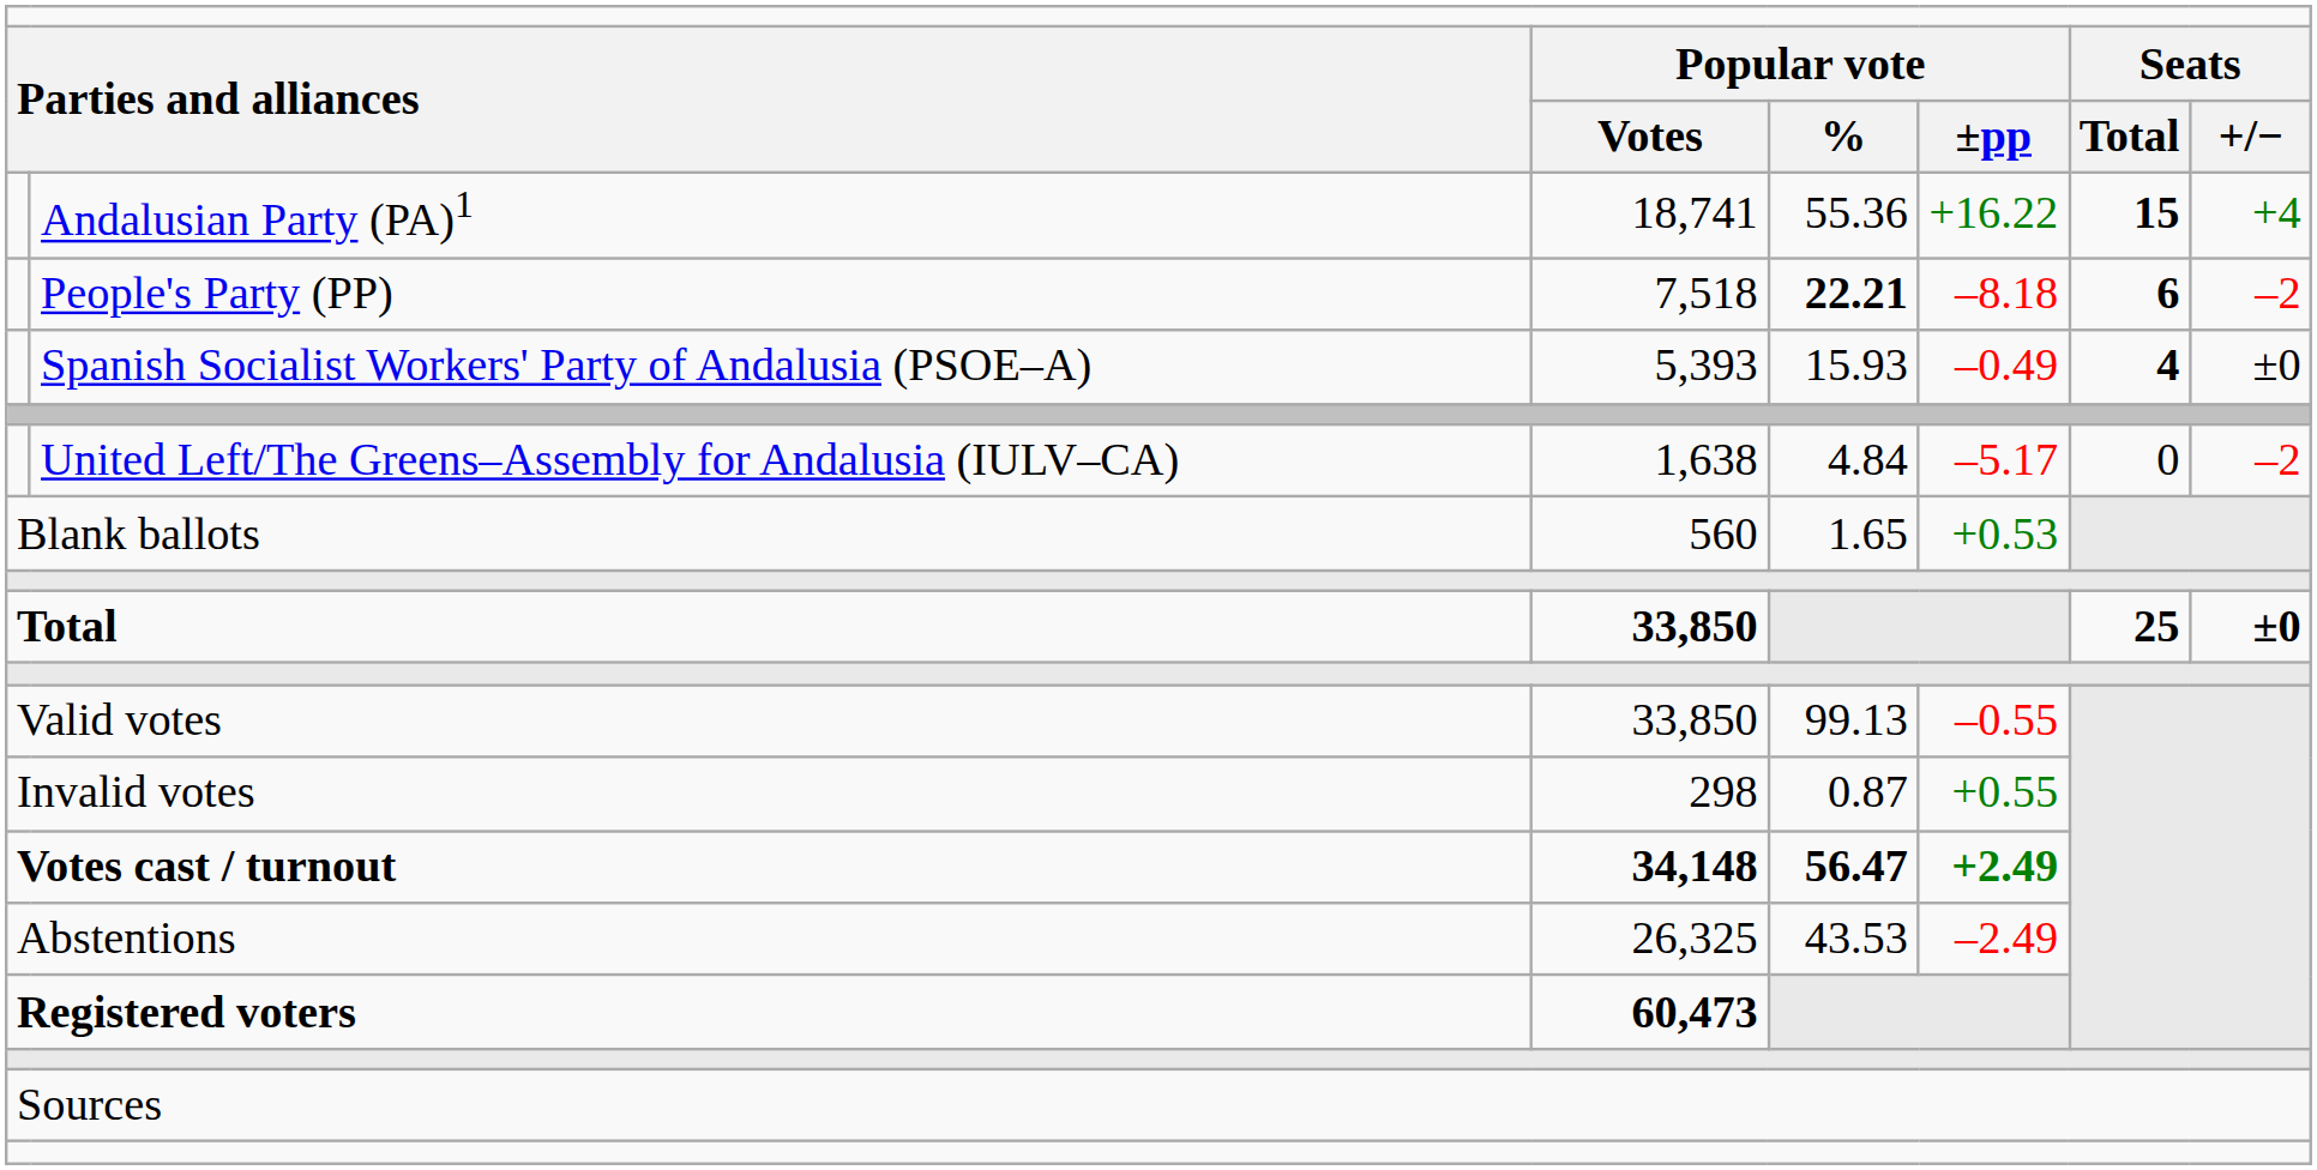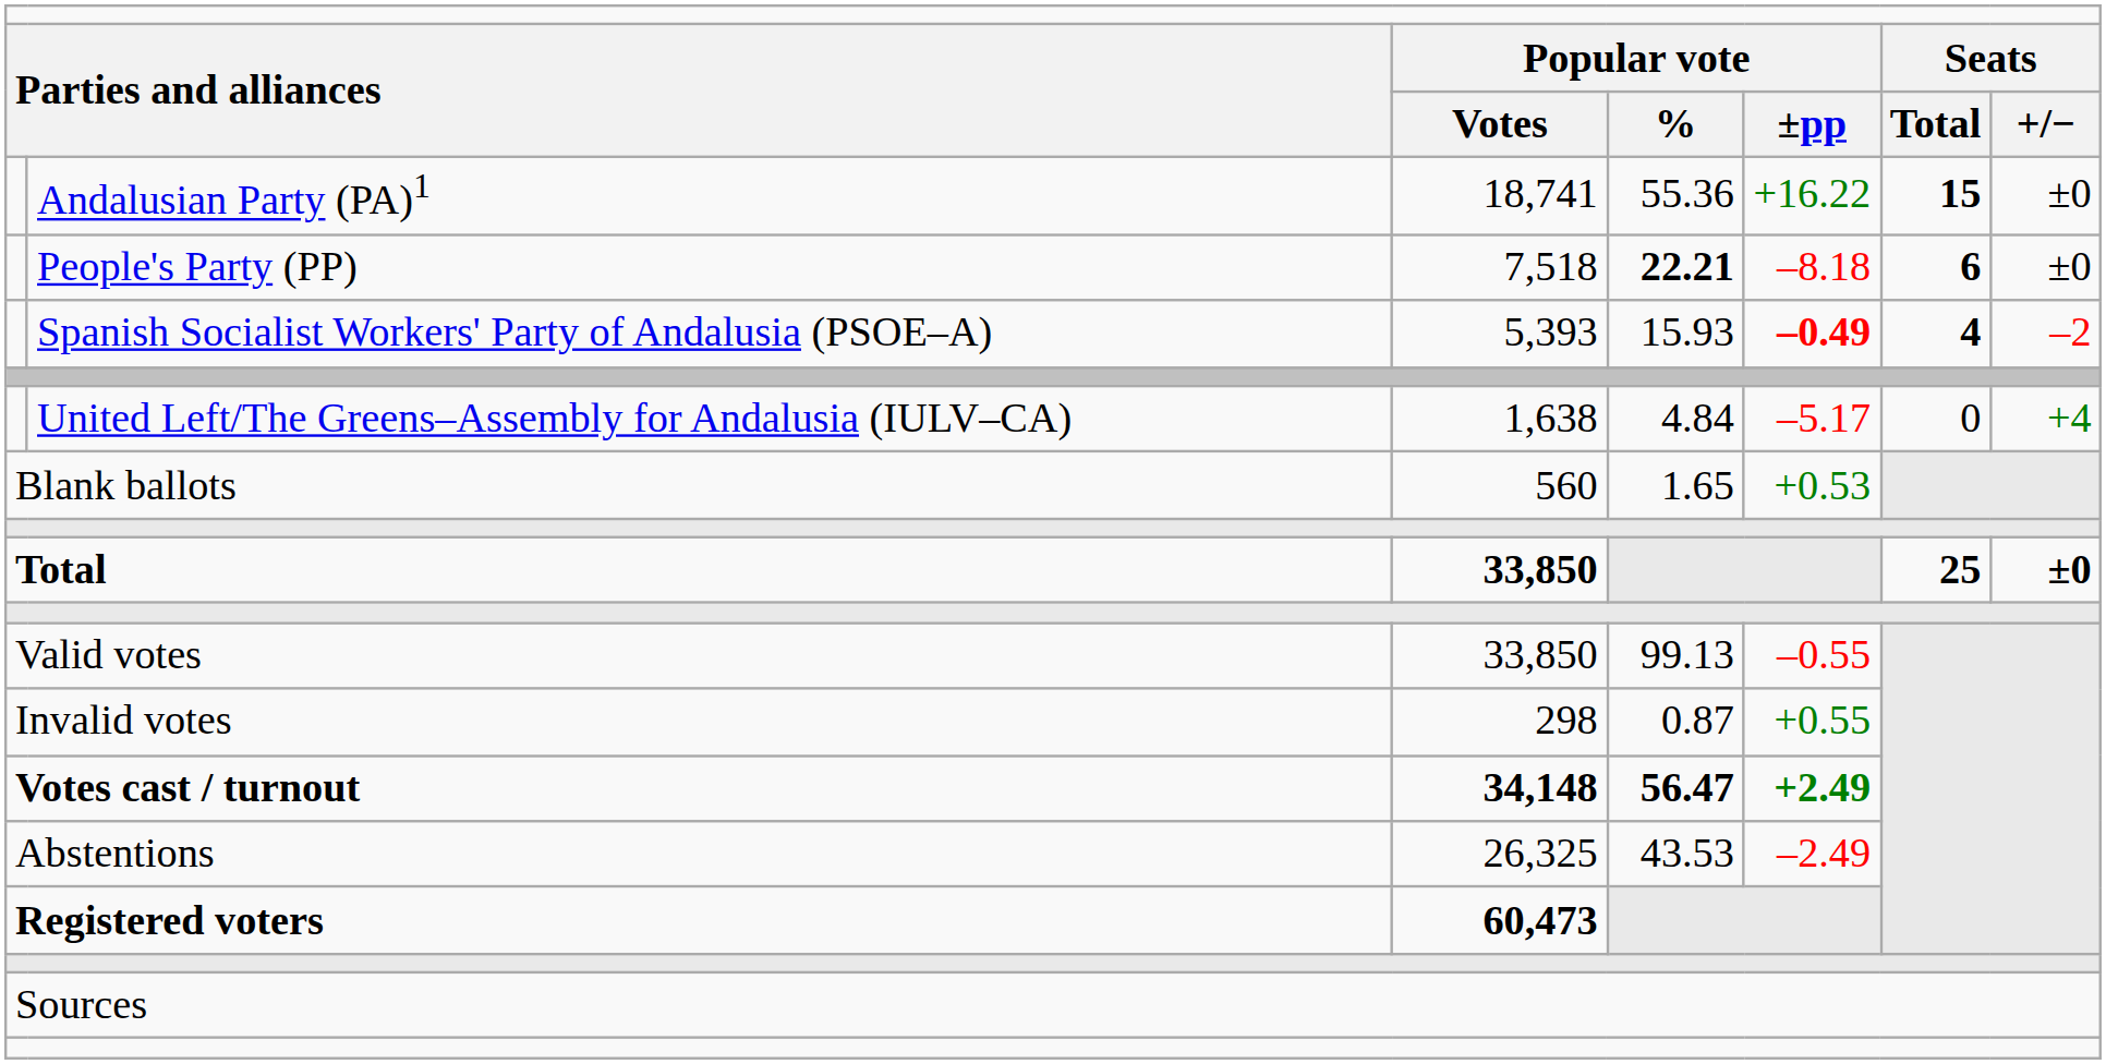 <table class="wikitable" style="text-align:right;">
 <tr>
 <td colspan="7"></td>
 </tr>
 <tr>
 <th style="text-align:left;" rowspan="2" colspan="2" width="525">Parties and alliances</th>
 <th colspan="3">Popular vote</th>
 <th colspan="2">Seats</th>
 </tr>
 <tr>
 <th width="75">Votes</th>
 <th width="45">%</th>
 <th width="45">±<a href='#'>pp</a></th>
 <th width="35">Total</th>
 <th width="35">+/−</th>
 </tr>
 <tr>
 <td width="1" style="color:inherit;background:"></td>
 <td align="left"><a href='#'>Andalusian Party</a> (PA)<sup>1</sup></td>
 <td>18,741</td>
 <td>55.36</td>
 <td style="color:green;">+16.22</td>
 <td><strong>15</strong></td>
-<td style="color:green;">+4</td>
+<td>±0</td>
 </tr>
 <tr>
 <td style="color:inherit;background:"></td>
 <td align="left"><a href='#'>People's Party</a> (PP)</td>
 <td>7,518</td>
 <td><strong>22.21</strong></td>
 <td style="color:red;">–8.18</td>
 <td><strong>6</strong></td>
-<td style="color:red;">–2</td>
+<td>±0</td>
 </tr>
 <tr>
 <td style="color:inherit;background:"></td>
 <td align="left"><a href='#'>Spanish Socialist Workers' Party of Andalusia</a> (PSOE–A)</td>
 <td>5,393</td>
 <td>15.93</td>
-<td style="color:red;">–0.49</td>
+<td style="color:red;"><strong>–0.49</strong></td>
 <td><strong>4</strong></td>
-<td>±0</td>
+<td style="color:red;">–2</td>
 </tr>
 <tr>
 <td colspan="7" bgcolor="#C0C0C0"></td>
 </tr>
 <tr>
 <td style="color:inherit;background:"></td>
 <td align="left"><a href='#'>United Left/The Greens–Assembly for Andalusia</a> (IULV–CA)</td>
 <td>1,638</td>
 <td>4.84</td>
 <td style="color:red;">–5.17</td>
 <td>0</td>
-<td style="color:red;">–2</td>
+<td style="color:green;">+4</td>
 </tr>
 <tr>
 <td align="left" colspan="2">Blank ballots</td>
 <td>560</td>
 <td>1.65</td>
 <td style="color:green;">+0.53</td>
 <td bgcolor="#E9E9E9" colspan="2"></td>
 </tr>
 <tr>
 <td colspan="7" bgcolor="#E9E9E9"></td>
 </tr>
 <tr style="font-weight:bold;">
 <td align="left" colspan="2">Total</td>
 <td>33,850</td>
 <td bgcolor="#E9E9E9" colspan="2"></td>
 <td>25</td>
 <td>±0</td>
 </tr>
 <tr>
 <td colspan="7" bgcolor="#E9E9E9"></td>
 </tr>
 <tr>
 <td align="left" colspan="2">Valid votes</td>
 <td>33,850</td>
 <td>99.13</td>
 <td style="color:red;">–0.55</td>
 <td bgcolor="#E9E9E9" colspan="2" rowspan="5"></td>
 </tr>
 <tr>
 <td align="left" colspan="2">Invalid votes</td>
 <td>298</td>
 <td>0.87</td>
 <td style="color:green;">+0.55</td>
 </tr>
 <tr style="font-weight:bold;">
 <td align="left" colspan="2">Votes cast / turnout</td>
 <td>34,148</td>
 <td>56.47</td>
 <td style="color:green;">+2.49</td>
 </tr>
 <tr>
 <td align="left" colspan="2">Abstentions</td>
 <td>26,325</td>
 <td>43.53</td>
 <td style="color:red;">–2.49</td>
 </tr>
 <tr style="font-weight:bold;">
 <td align="left" colspan="2">Registered voters</td>
 <td>60,473</td>
 <td bgcolor="#E9E9E9" colspan="2"></td>
 </tr>
 <tr>
 <td colspan="7" bgcolor="#E9E9E9"></td>
 </tr>
 <tr>
 <td align="left" colspan="7">Sources</td>
 </tr>
 <tr>
 <td colspan="7" style="text-align:left; max-width:790px;"></td>
 </tr>
 </table>
